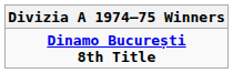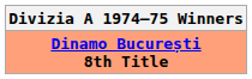 <table class="wikitable" style="text-align: center; margin: 0 auto;">
 <tr>
 <th>Divizia A 1974–75 Winners</th>
 </tr>
 <tr>
 </tr>
 <tr>
-<td><strong><a href='#'>Dinamo București</a></strong><br><strong>8th Title</strong></td>
+<td style="background: lightsalmon;"><strong><a href='#'>Dinamo București</a></strong><br><strong>8th Title</strong></td>
 </tr>
 </table>
